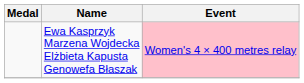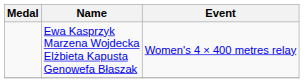 <table class="wikitable sortable" style="font-size:100%">
 <tr>
 <th>Medal</th>
 <th>Name</th>
 <th>Event</th>
 </tr>
 <tr>
 <td></td>
 <td><a href='#'>Ewa Kasprzyk</a><br><a href='#'>Marzena Wojdecka</a><br><a href='#'>Elżbieta Kapusta</a><br><a href='#'>Genowefa Błaszak</a></td>
-<td style="background: pink;"><a href='#'>Women's 4 × 400 metres relay</a></td>
+<td><a href='#'>Women's 4 × 400 metres relay</a></td>
 </tr>
 <tr>
 </tr>
 </table>
